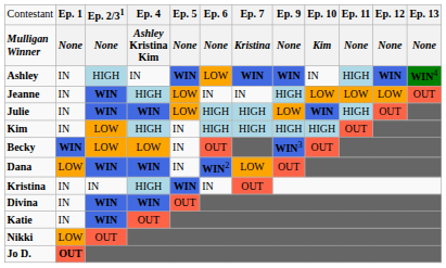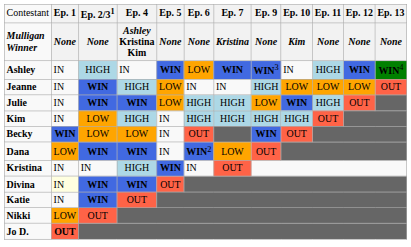 <table class="wikitable">
 <tr>
 <td align="center">Contestant</td>
 <th>Ep. 1</th>
 <th>Ep. 2/3<sup>1</sup></th>
 <th>Ep. 4</th>
 <th>Ep. 5</th>
 <th>Ep. 6</th>
 <th>Ep. 7</th>
 <th>Ep. 9</th>
 <th>Ep. 10</th>
 <th>Ep. 11</th>
 <th>Ep. 12</th>
 <th>Ep. 13</th>
 </tr>
 <tr>
 <td><strong><em>Mulligan<br>Winner</em></strong></td>
 <th><em>None</em></th>
 <th><em>None</em></th>
 <th><em>Ashley<br></em>Kristina<em><br></em>Kim<em><br></em></th>
 <th><em>None</em></th>
 <th><em>None</em></th>
 <th><em>Kristina</em></th>
 <th><em>None</em></th>
 <th><em>Kim</em></th>
 <th><em>None</em></th>
 <th><em>None</em></th>
 <th><em>None</em></th>
 </tr>
 <tr>
 <td><strong>Ashley</strong></td>
 <td>IN</td>
 <td align="center" style="background:lightblue;">HIGH</td>
 <td>IN</td>
 <td align="center" style="background:royalblue;"><strong>WIN</strong></td>
 <td align="center" style="background:orange;">LOW</td>
 <td align="center" style="background:royalblue;"><strong>WIN</strong></td>
-<td align="center" style="background:royalblue;"><strong>WIN</strong></td>
+<td align="center" style="background:royalblue;"><strong>WIN</strong><sup>3</sup></td>
 <td>IN</td>
 <td align="center" style="background:lightblue;">HIGH</td>
 <td align="center" style="background:royalblue;"><strong>WIN</strong></td>
 <td align="center" style="background:green;"><strong>WIN</strong><sup>4</sup></td>
 </tr>
 <tr>
 <td><strong>Jeanne</strong></td>
 <td>IN</td>
 <td align="center" style="background:royalblue;"><strong>WIN</strong></td>
 <td align="center" style="background:lightblue;">HIGH</td>
 <td align="center" style="background:orange;">LOW</td>
 <td>IN</td>
 <td>IN</td>
 <td align="center" style="background:lightblue;">HIGH</td>
 <td align="center" style="background:orange;">LOW</td>
 <td align="center" style="background:orange;">LOW</td>
 <td align="center" style="background:orange;">LOW</td>
 <td align="center" style="background:tomato;">OUT</td>
 </tr>
 <tr>
 <td><strong>Julie</strong></td>
 <td>IN</td>
 <td align="center" style="background:royalblue;"><strong>WIN</strong></td>
 <td align="center" style="background:royalblue;"><strong>WIN</strong></td>
 <td align="center" style="background:orange;">LOW</td>
 <td align="center" style="background:lightblue;">HIGH</td>
 <td align="center" style="background:lightblue;">HIGH</td>
 <td align="center" style="background:orange;">LOW</td>
 <td align="center" style="background:royalblue;"><strong>WIN</strong></td>
 <td align="center" style="background:lightblue;">HIGH</td>
 <td align="center" style="background:tomato;">OUT</td>
 <td colspan="3" style="background:#666666;"></td>
 </tr>
 <tr>
 <td><strong>Kim</strong></td>
 <td>IN</td>
 <td align="center" style="background:orange;">LOW</td>
 <td align="center" style="background:lightblue;">HIGH</td>
 <td>IN</td>
 <td align="center" style="background:lightblue;">HIGH</td>
 <td align="center" style="background:lightblue;">HIGH</td>
 <td align="center" style="background:lightblue;">HIGH</td>
 <td align="center" style="background:lightblue;">HIGH</td>
 <td align="center" style="background:tomato;">OUT</td>
 <td colspan="4" style="background:#666666;"></td>
 </tr>
 <tr>
 <td><strong>Becky</strong></td>
 <td align="center" style="background:royalblue;"><strong>WIN</strong></td>
 <td align="center" style="background:orange;">LOW</td>
 <td align="center" style="background:orange;">LOW</td>
 <td>IN</td>
 <td align="center" style="background:tomato;">OUT</td>
 <td colspan="1" style="background:#666666;"></td>
-<td align="center" style="background:royalblue;"><strong>WIN</strong><sup>3</sup></td>
+<td align="center" style="background:royalblue;"><strong>WIN</strong></td>
 <td align="center" style="background:tomato;">OUT</td>
 <td colspan="5" style="background:#666666;"></td>
 </tr>
 <tr>
 <td><strong>Dana</strong></td>
 <td align="center" style="background:orange;">LOW</td>
 <td align="center" style="background:royalblue;"><strong>WIN</strong></td>
 <td align="center" style="background:royalblue;"><strong>WIN</strong></td>
 <td>IN</td>
 <td align="center" style="background:royalblue;"><strong>WIN</strong><sup>2</sup></td>
 <td align="center" style="background:orange;">LOW</td>
 <td align="center" style="background:tomato;">OUT</td>
 <td colspan="6" style="background:#666666;"></td>
 </tr>
 <tr>
 <td><strong>Kristina</strong></td>
 <td>IN</td>
 <td>IN</td>
 <td align="center" style="background:lightblue;">HIGH</td>
 <td align="center" style="background:royalblue;"><strong>WIN</strong></td>
 <td>IN</td>
 <td align="center" style="background:tomato;">OUT</td>
 <td colspan="7" style="background#:666666;"></td>
 </tr>
 <tr>
 <td><strong>Divina</strong></td>
-<td>IN</td>
+<td style="background: lightyellow;">IN</td>
 <td align="center" style="background:royalblue;"><strong>WIN</strong></td>
 <td align="center" style="background:royalblue;"><strong>WIN</strong></td>
 <td align="center" style="background:tomato;">OUT</td>
 <td colspan="8" style="background:#666666;"></td>
 </tr>
 <tr>
 <td><strong>Katie</strong></td>
 <td>IN</td>
 <td align="center" style="background:royalblue;"><strong>WIN</strong></td>
 <td align="center" style="background:tomato;">OUT</td>
 <td colspan="9" style="background:#666666;"></td>
 </tr>
 <tr>
 <td><strong>Nikki</strong></td>
 <td align="center" style="background:orange;">LOW</td>
 <td align="center" style="background:tomato;">OUT</td>
 <td colspan="10" style="background:#666666;"></td>
 </tr>
 <tr>
 <td><strong>Jo D.</strong></td>
 <td align="center" style="background:tomato;"><strong>OUT</strong></td>
 <td colspan="11" style="background:#666666;"></td>
 </tr>
 </table>
